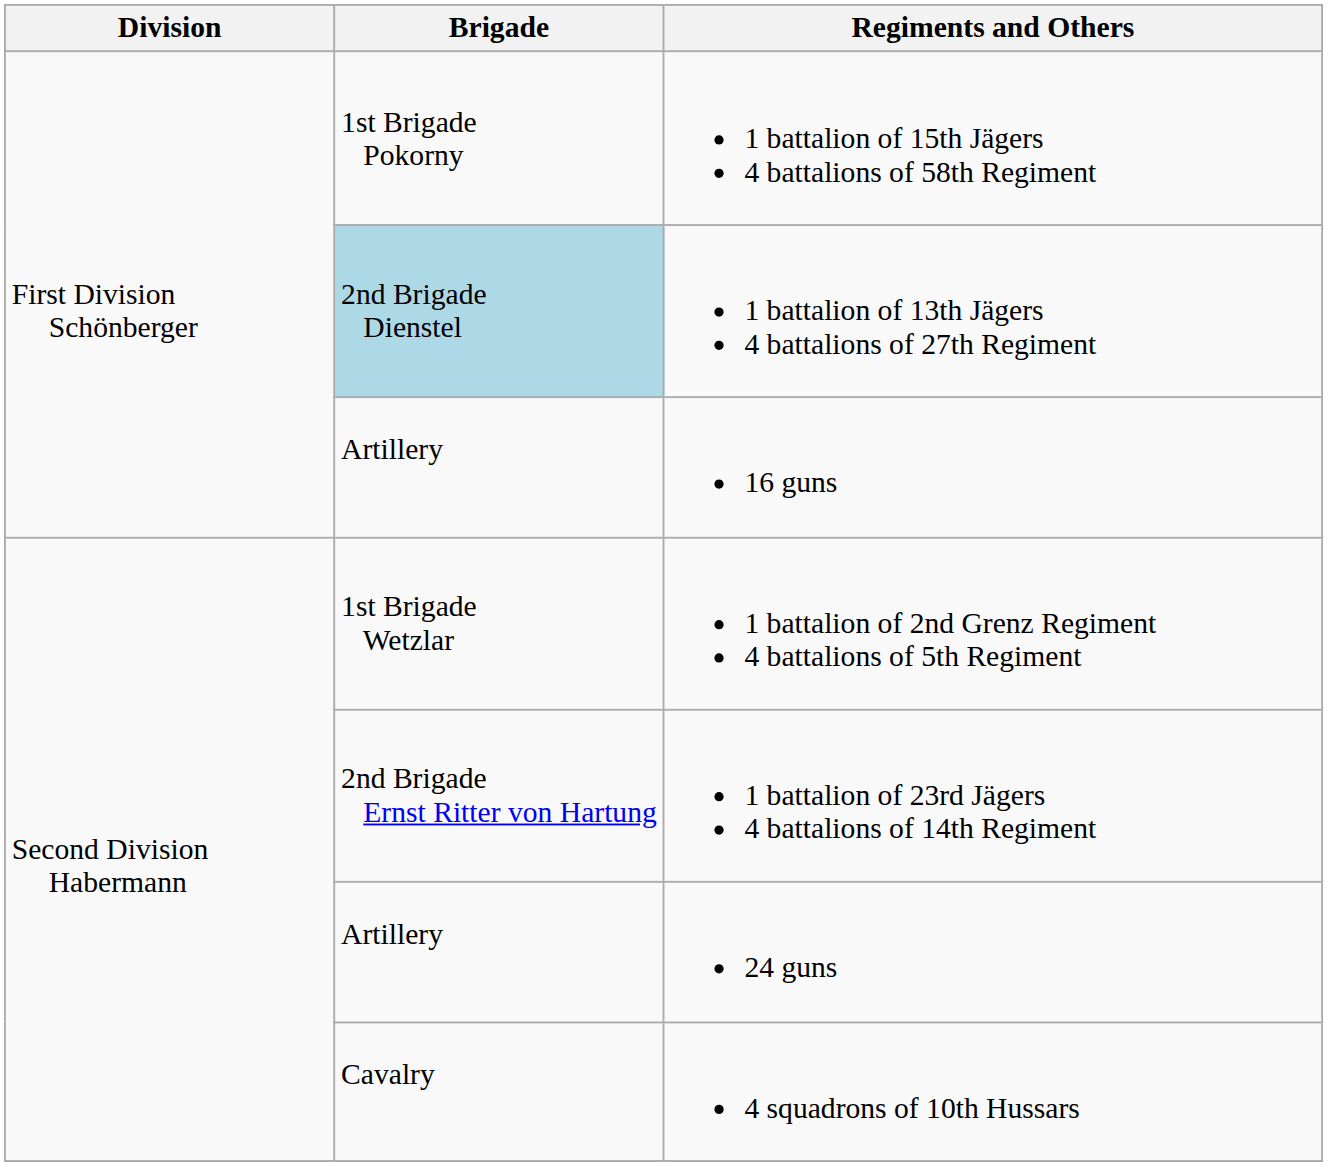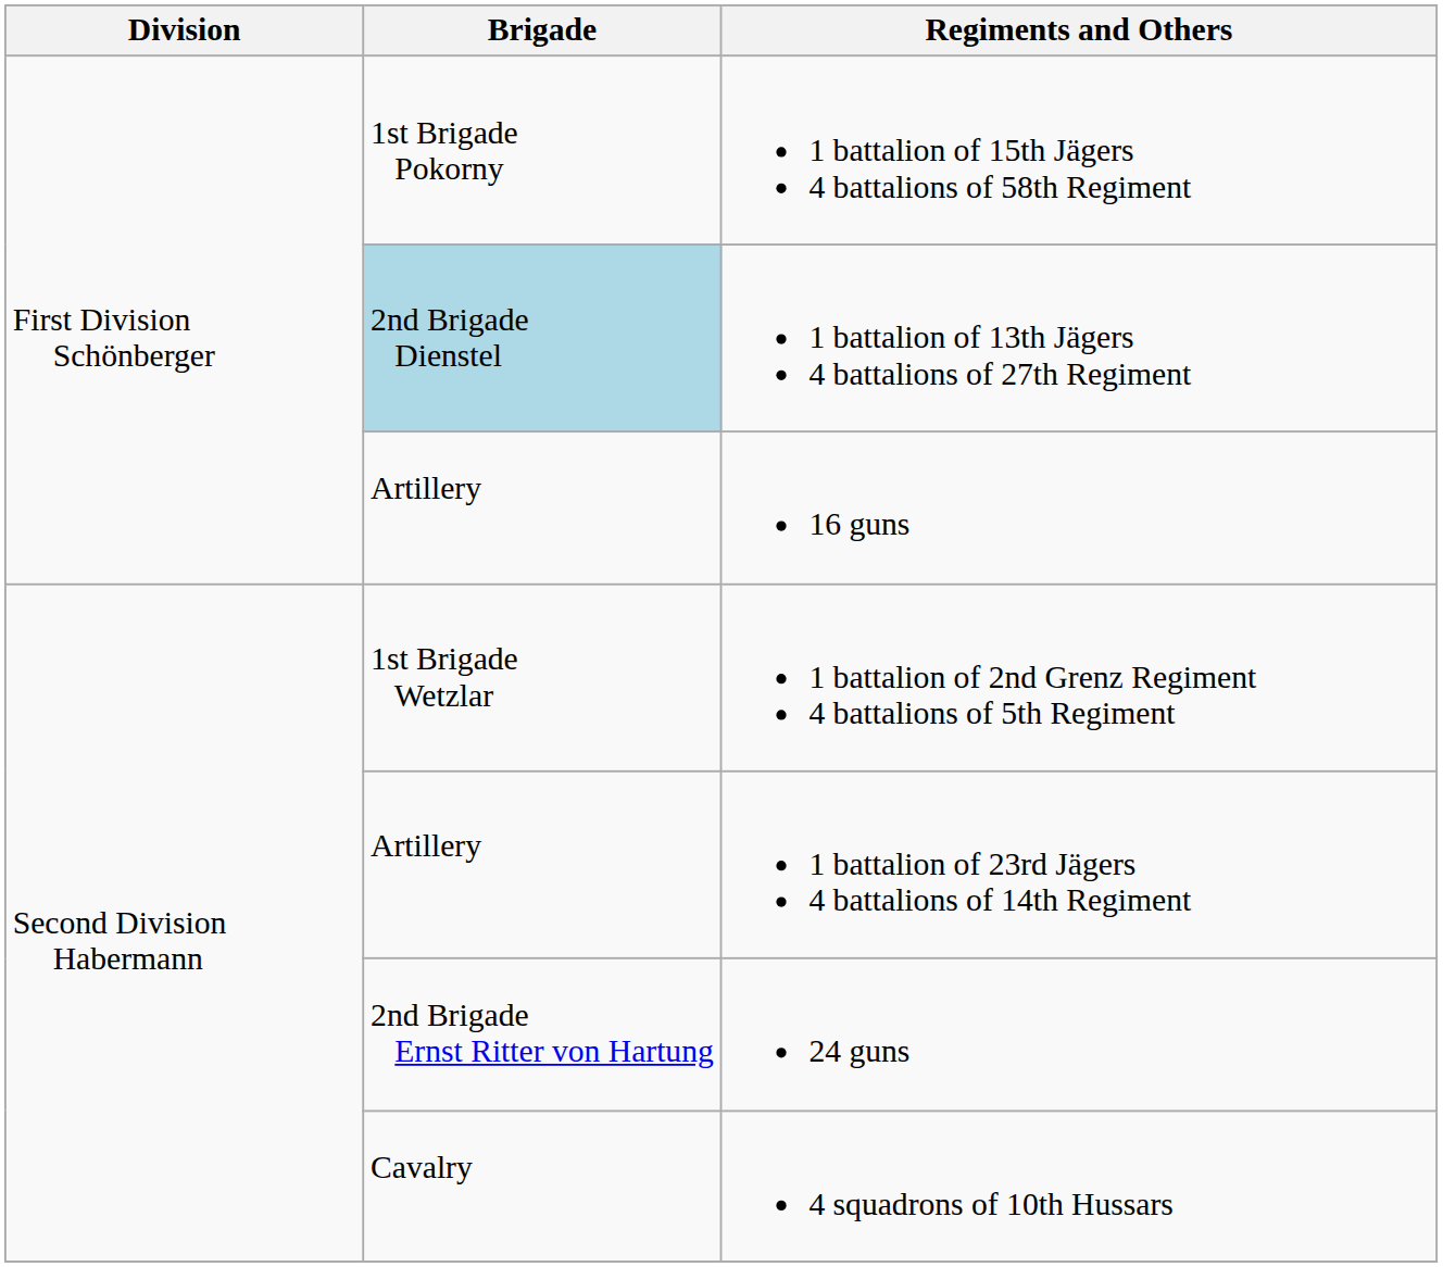 <table class="wikitable">
 <tr>
 <th width=25%>Division</th>
 <th width=25%>Brigade</th>
 <th>Regiments and Others</th>
 </tr>
 <tr>
 <td rowspan=3><br>First Division <br>     Schönberger</td>
 <td>1st Brigade<br>   Pokorny</td>
 <td><br><ul><li>1 battalion of 15th Jägers</li><li>4 battalions of 58th Regiment</li></ul></td>
 </tr>
 <tr>
 <td style="background: lightblue;">2nd Brigade<br>   Dienstel</td>
 <td><br><ul><li>1 battalion of 13th Jägers</li><li>4 battalions of 27th Regiment</li></ul></td>
 </tr>
 <tr>
 <td>Artillery<br>  </td>
 <td><br><ul><li>16 guns</li></ul></td>
 </tr>
 <tr>
 <td rowspan=4><br>Second Division <br>     Habermann</td>
 <td>1st Brigade<br>   Wetzlar</td>
 <td><br><ul><li>1 battalion of 2nd Grenz Regiment</li><li>4 battalions of 5th Regiment</li></ul></td>
 </tr>
 <tr>
-<td>2nd Brigade<br>   <a href='#'>Ernst Ritter von Hartung</a></td>
+<td>Artillery<br>  </td>
 <td><br><ul><li>1 battalion of 23rd Jägers</li><li>4 battalions of 14th Regiment</li></ul></td>
 </tr>
 <tr>
-<td>Artillery<br>  </td>
+<td>2nd Brigade<br>   <a href='#'>Ernst Ritter von Hartung</a></td>
 <td><br><ul><li>24 guns</li></ul></td>
 </tr>
 <tr>
 <td>Cavalry<br>  </td>
 <td><br><ul><li>4 squadrons of 10th Hussars</li></ul></td>
 </tr>
 <tr>
 </tr>
 </table>
